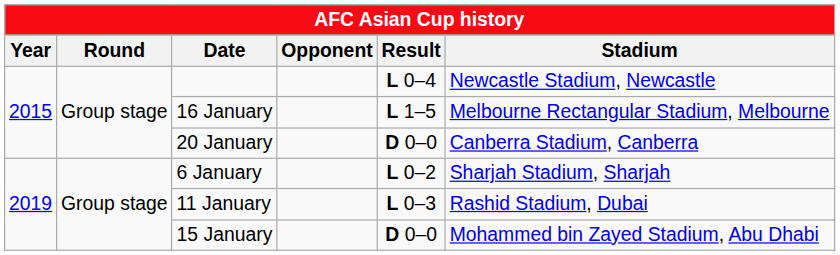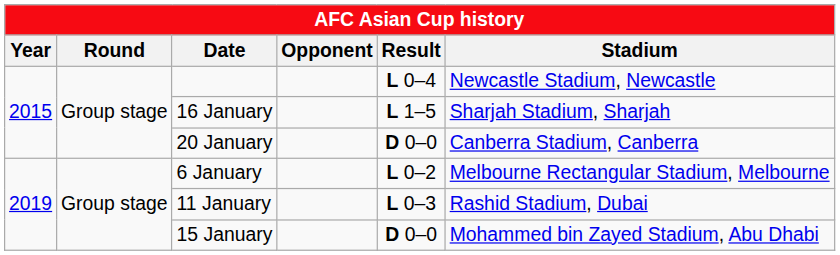 <table class="wikitable collapsible collapsed" style="text-align: center;font-size:100%;">
 <tr>
 <th colspan=6 style="background: #F70A13; color:white;">AFC Asian Cup history</th>
 </tr>
 <tr>
 <th>Year</th>
 <th>Round</th>
 <th>Date</th>
 <th>Opponent</th>
 <th>Result</th>
 <th>Stadium</th>
 </tr>
 <tr>
 <td rowspan=3> <a href='#'>2015</a></td>
 <td rowspan=3>Group stage</td>
 <td align="left"></td>
 <td align="left"></td>
 <td><strong>L</strong> 0–4</td>
 <td align="left"><a href='#'>Newcastle Stadium</a>, <a href='#'>Newcastle</a></td>
 </tr>
 <tr>
 <td align="left">16 January</td>
 <td align="left"></td>
 <td><strong>L</strong> 1–5</td>
-<td align="left"><a href='#'>Melbourne Rectangular Stadium</a>, <a href='#'>Melbourne</a></td>
+<td align="left"><a href='#'>Sharjah Stadium</a>, <a href='#'>Sharjah</a></td>
 </tr>
 <tr>
 <td align="left">20 January</td>
 <td align="left"></td>
 <td><strong>D</strong> 0–0</td>
 <td align="left"><a href='#'>Canberra Stadium</a>, <a href='#'>Canberra</a></td>
 </tr>
 <tr>
 <td rowspan=3> <a href='#'>2019</a></td>
 <td rowspan=3>Group stage</td>
 <td align="left">6 January</td>
 <td align="left"></td>
 <td><strong>L</strong> 0–2</td>
-<td align="left"><a href='#'>Sharjah Stadium</a>, <a href='#'>Sharjah</a></td>
+<td align="left"><a href='#'>Melbourne Rectangular Stadium</a>, <a href='#'>Melbourne</a></td>
 </tr>
 <tr>
 <td align="left">11 January</td>
 <td align="left"></td>
 <td><strong>L</strong> 0–3</td>
 <td align="left"><a href='#'>Rashid Stadium</a>, <a href='#'>Dubai</a></td>
 </tr>
 <tr>
 <td align="left">15 January</td>
 <td align="left"></td>
 <td><strong>D</strong> 0–0</td>
 <td align="left"><a href='#'>Mohammed bin Zayed Stadium</a>, <a href='#'>Abu Dhabi</a></td>
 </tr>
 </table>
